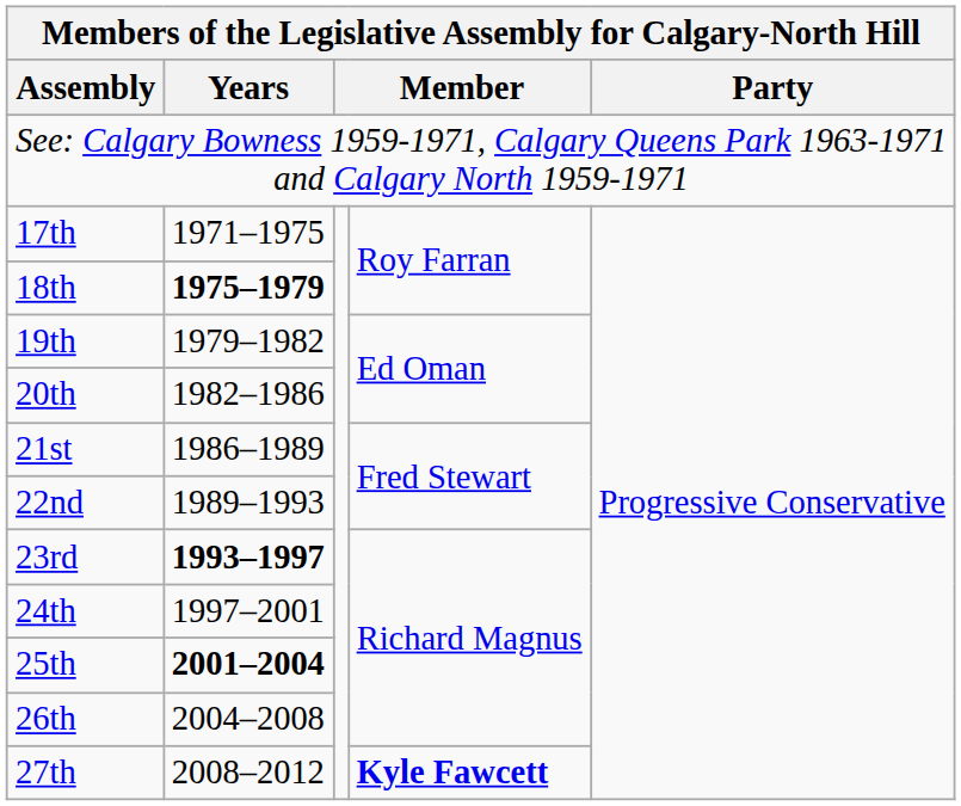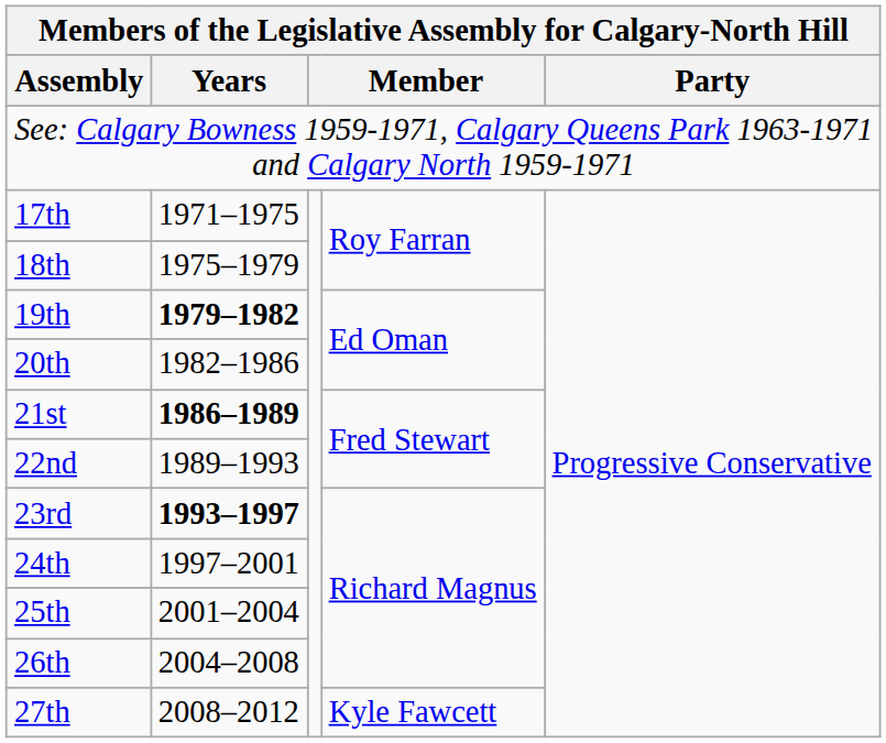 <table class="wikitable" align=right>
 <tr>
 <th colspan=5>Members of the Legislative Assembly for Calgary-North Hill</th>
 </tr>
 <tr>
 <th>Assembly</th>
 <th>Years</th>
 <th colspan="2">Member</th>
 <th>Party</th>
 </tr>
 <tr>
 <td align="center" colspan=5><em>See: <a href='#'>Calgary Bowness</a> 1959-1971, <a href='#'>Calgary Queens Park</a> 1963-1971<br>and <a href='#'>Calgary North</a> 1959-1971</em></td>
 </tr>
 <tr>
 <td><a href='#'>17th</a></td>
 <td>1971–1975</td>
 <td rowspan=11 ></td>
 <td rowspan=2><a href='#'>Roy Farran</a></td>
 <td rowspan=11><a href='#'>Progressive Conservative</a></td>
 </tr>
 <tr>
 <td><a href='#'>18th</a></td>
-<td><strong>1975–1979</strong></td>
+<td>1975–1979</td>
 </tr>
 <tr>
 <td><a href='#'>19th</a></td>
-<td>1979–1982</td>
+<td><strong>1979–1982</strong></td>
 <td rowspan=2><a href='#'>Ed Oman</a></td>
 </tr>
 <tr>
 <td><a href='#'>20th</a></td>
 <td>1982–1986</td>
 </tr>
 <tr>
 <td><a href='#'>21st</a></td>
-<td>1986–1989</td>
+<td><strong>1986–1989</strong></td>
 <td rowspan=2><a href='#'>Fred Stewart</a></td>
 </tr>
 <tr>
 <td><a href='#'>22nd</a></td>
 <td>1989–1993</td>
 </tr>
 <tr>
 <td><a href='#'>23rd</a></td>
 <td><strong>1993–1997</strong></td>
 <td rowspan=4><a href='#'>Richard Magnus</a></td>
 </tr>
 <tr>
 <td><a href='#'>24th</a></td>
 <td>1997–2001</td>
 </tr>
 <tr>
 <td><a href='#'>25th</a></td>
-<td><strong>2001–2004</strong></td>
+<td>2001–2004</td>
 </tr>
 <tr>
 <td><a href='#'>26th</a></td>
 <td>2004–2008</td>
 </tr>
 <tr>
 <td><a href='#'>27th</a></td>
 <td>2008–2012</td>
-<td><strong><a href='#'>Kyle Fawcett</a></strong></td>
+<td><a href='#'>Kyle Fawcett</a></td>
 </tr>
 </table>
